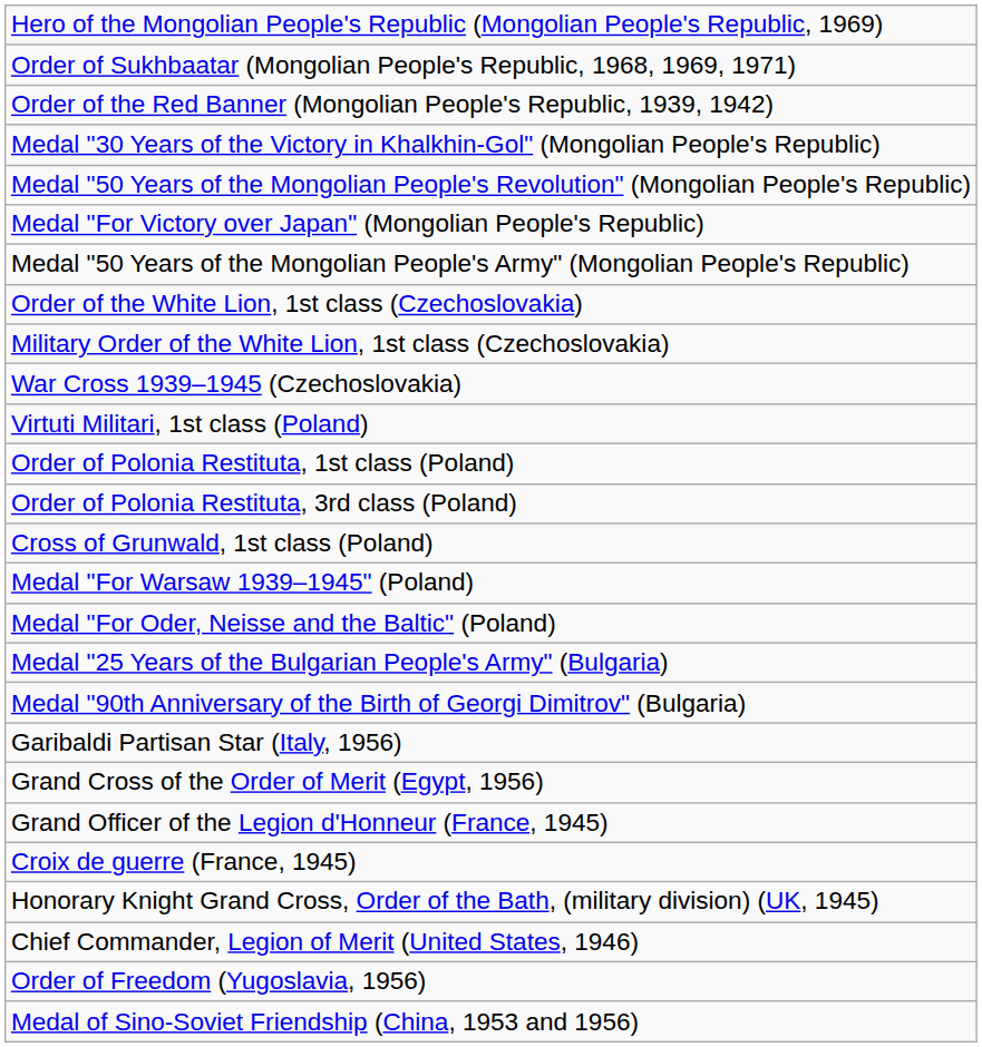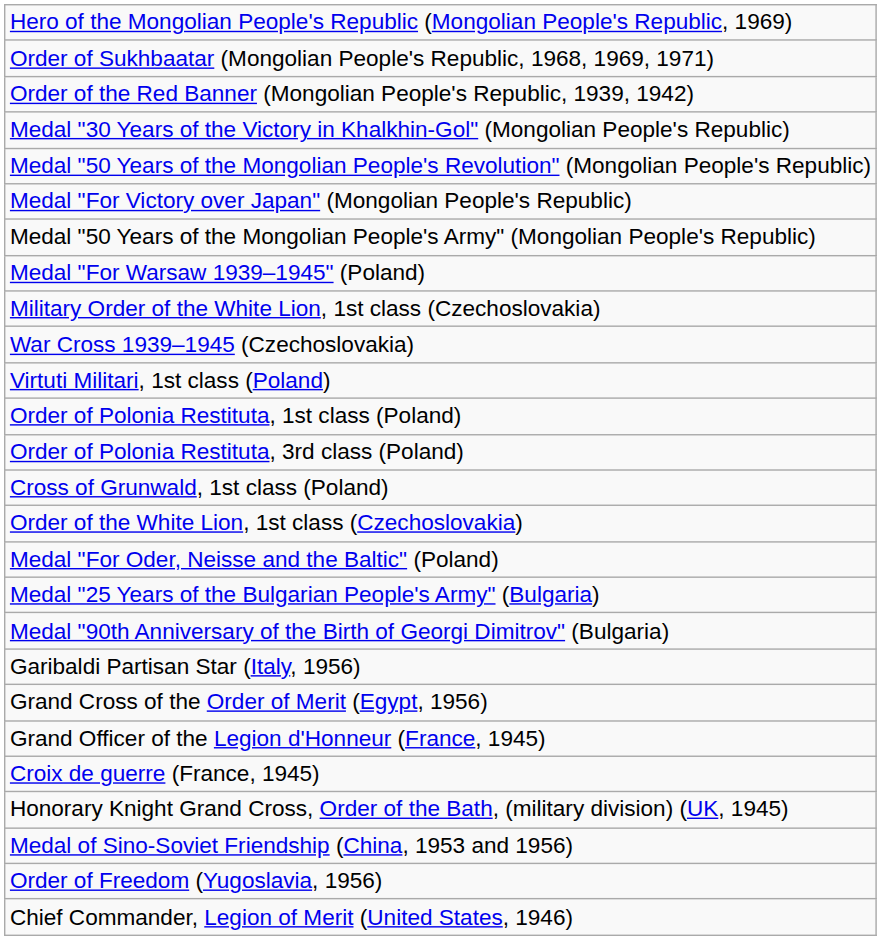 <table class="wikitable">
 <tr>
 <td><a href='#'>Hero of the Mongolian People's Republic</a> (<a href='#'>Mongolian People's Republic</a>, 1969)</td>
 </tr>
 <tr>
 <td><a href='#'>Order of Sukhbaatar</a> (Mongolian People's Republic, 1968, 1969, 1971)</td>
 </tr>
 <tr>
 <td><a href='#'>Order of the Red Banner</a> (Mongolian People's Republic, 1939, 1942)</td>
 </tr>
 <tr>
 <td><a href='#'>Medal "30 Years of the Victory in Khalkhin-Gol"</a> (Mongolian People's Republic)</td>
 </tr>
 <tr>
 <td><a href='#'>Medal "50 Years of the Mongolian People's Revolution"</a> (Mongolian People's Republic)</td>
 </tr>
 <tr>
 <td><a href='#'>Medal "For Victory over Japan"</a> (Mongolian People's Republic)</td>
 </tr>
 <tr>
 <td>Medal "50 Years of the Mongolian People's Army" (Mongolian People's Republic)</td>
 </tr>
 <tr>
-<td><a href='#'>Order of the White Lion</a>, 1st class (<a href='#'>Czechoslovakia</a>)</td>
+<td><a href='#'>Medal "For Warsaw 1939–1945"</a> (Poland)</td>
 </tr>
 <tr>
 <td><a href='#'>Military Order of the White Lion</a>, 1st class (Czechoslovakia)</td>
 </tr>
 <tr>
 <td><a href='#'>War Cross 1939–1945</a> (Czechoslovakia)</td>
 </tr>
 <tr>
 <td><a href='#'>Virtuti Militari</a>, 1st class (<a href='#'>Poland</a>)</td>
 </tr>
 <tr>
 <td><a href='#'>Order of Polonia Restituta</a>, 1st class (Poland)</td>
 </tr>
 <tr>
 <td><a href='#'>Order of Polonia Restituta</a>, 3rd class (Poland)</td>
 </tr>
 <tr>
 <td><a href='#'>Cross of Grunwald</a>, 1st class (Poland)</td>
 </tr>
 <tr>
-<td><a href='#'>Medal "For Warsaw 1939–1945"</a> (Poland)</td>
+<td><a href='#'>Order of the White Lion</a>, 1st class (<a href='#'>Czechoslovakia</a>)</td>
 </tr>
 <tr>
 <td><a href='#'>Medal "For Oder, Neisse and the Baltic"</a> (Poland)</td>
 </tr>
 <tr>
 <td><a href='#'>Medal "25 Years of the Bulgarian People's Army"</a> (<a href='#'>Bulgaria</a>)</td>
 </tr>
 <tr>
 <td><a href='#'>Medal "90th Anniversary of the Birth of Georgi Dimitrov"</a> (Bulgaria)</td>
 </tr>
 <tr>
 <td>Garibaldi Partisan Star (<a href='#'>Italy</a>, 1956)</td>
 </tr>
 <tr>
 <td>Grand Cross of the <a href='#'>Order of Merit</a> (<a href='#'>Egypt</a>, 1956)</td>
 </tr>
 <tr>
 <td>Grand Officer of the <a href='#'>Legion d'Honneur</a> (<a href='#'>France</a>, 1945)</td>
 </tr>
 <tr>
 <td><a href='#'>Croix de guerre</a> (France, 1945)</td>
 </tr>
 <tr>
 <td>Honorary Knight Grand Cross, <a href='#'>Order of the Bath</a>, (military division) (<a href='#'>UK</a>, 1945)</td>
 </tr>
 <tr>
-<td>Chief Commander, <a href='#'>Legion of Merit</a> (<a href='#'>United States</a>, 1946)</td>
+<td><a href='#'>Medal of Sino-Soviet Friendship</a> (<a href='#'>China</a>, 1953 and 1956)</td>
 </tr>
 <tr>
 <td><a href='#'>Order of Freedom</a> (<a href='#'>Yugoslavia</a>, 1956)</td>
 </tr>
 <tr>
-<td><a href='#'>Medal of Sino-Soviet Friendship</a> (<a href='#'>China</a>, 1953 and 1956)</td>
+<td>Chief Commander, <a href='#'>Legion of Merit</a> (<a href='#'>United States</a>, 1946)</td>
 </tr>
 </table>
